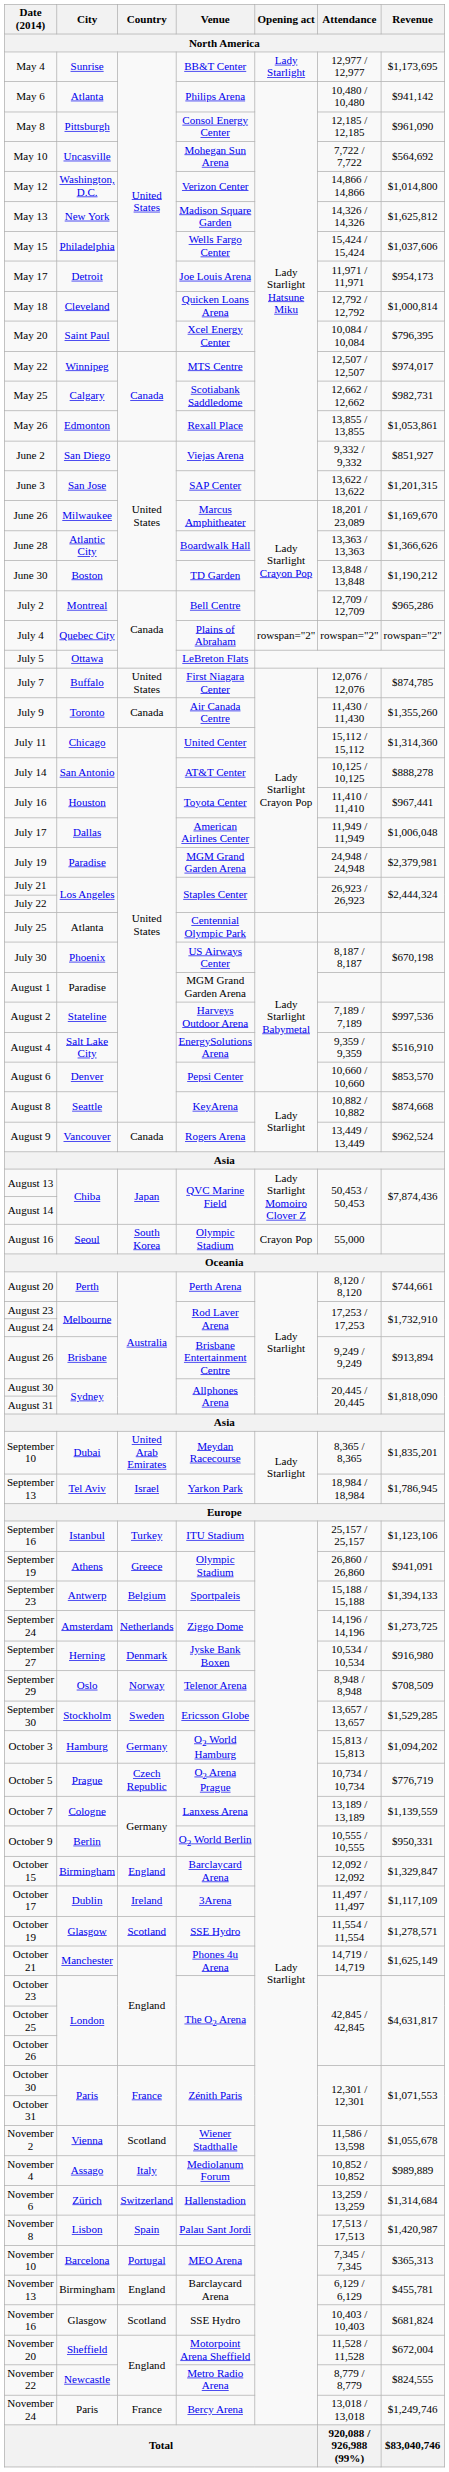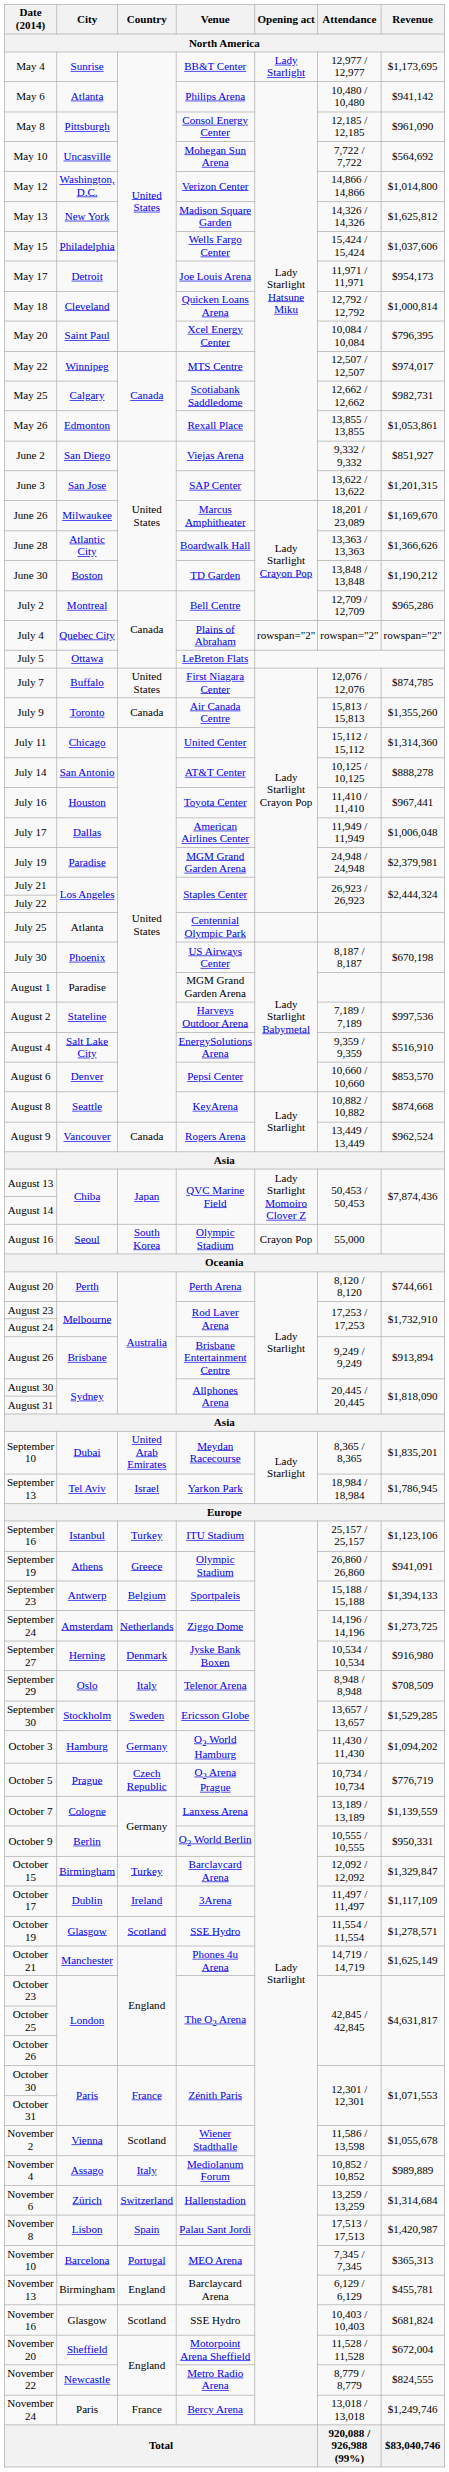 <table class="wikitable plainrowheaders" style="text-align:center;">
 <tr>
 <th scope="col" style="width:12em;">Date (2014)</th>
 <th scope="col" style="width:10em;">City</th>
 <th scope="col" style="width:10em;">Country</th>
 <th scope="col" style="width:16em;">Venue</th>
 <th scope="col" style="width:10em;">Opening act</th>
 <th scope="col" style="width:10em;">Attendance</th>
 <th scope="col" style="width:10em;">Revenue</th>
 </tr>
 <tr>
 <th colspan="7">North America</th>
 </tr>
 <tr>
 <td>May 4</td>
 <td><a href='#'>Sunrise</a></td>
 <td rowspan="10"><a href='#'>United States</a></td>
 <td><a href='#'>BB&T Center</a></td>
 <td><a href='#'>Lady Starlight</a></td>
 <td>12,977 / 12,977</td>
 <td>$1,173,695</td>
 </tr>
 <tr>
 <td>May 6</td>
 <td><a href='#'>Atlanta</a></td>
 <td><a href='#'>Philips Arena</a></td>
 <td rowspan="14">Lady Starlight<br><a href='#'>Hatsune Miku</a></td>
 <td>10,480 / 10,480</td>
 <td>$941,142</td>
 </tr>
 <tr>
 <td>May 8</td>
 <td><a href='#'>Pittsburgh</a></td>
 <td><a href='#'>Consol Energy Center</a></td>
 <td>12,185 / 12,185</td>
 <td>$961,090</td>
 </tr>
 <tr>
 <td>May 10</td>
 <td><a href='#'>Uncasville</a></td>
 <td><a href='#'>Mohegan Sun Arena</a></td>
 <td>7,722 / 7,722</td>
 <td>$564,692</td>
 </tr>
 <tr>
 <td>May 12</td>
 <td><a href='#'>Washington, D.C.</a></td>
 <td><a href='#'>Verizon Center</a></td>
 <td>14,866 / 14,866</td>
 <td>$1,014,800</td>
 </tr>
 <tr>
 <td>May 13</td>
 <td><a href='#'>New York</a></td>
 <td><a href='#'>Madison Square Garden</a></td>
 <td>14,326 / 14,326</td>
 <td>$1,625,812</td>
 </tr>
 <tr>
 <td>May 15</td>
 <td><a href='#'>Philadelphia</a></td>
 <td><a href='#'>Wells Fargo Center</a></td>
 <td>15,424 / 15,424</td>
 <td>$1,037,606</td>
 </tr>
 <tr>
 <td>May 17</td>
 <td><a href='#'>Detroit</a></td>
 <td><a href='#'>Joe Louis Arena</a></td>
 <td>11,971 / 11,971</td>
 <td>$954,173</td>
 </tr>
 <tr>
 <td>May 18</td>
 <td><a href='#'>Cleveland</a></td>
 <td><a href='#'>Quicken Loans Arena</a></td>
 <td>12,792 / 12,792</td>
 <td>$1,000,814</td>
 </tr>
 <tr>
 <td>May 20</td>
 <td><a href='#'>Saint Paul</a></td>
 <td><a href='#'>Xcel Energy Center</a></td>
 <td>10,084 / 10,084</td>
 <td>$796,395</td>
 </tr>
 <tr>
 <td>May 22</td>
 <td><a href='#'>Winnipeg</a></td>
 <td rowspan="3"><a href='#'>Canada</a></td>
 <td><a href='#'>MTS Centre</a></td>
 <td>12,507 / 12,507</td>
 <td>$974,017</td>
 </tr>
 <tr>
 <td>May 25</td>
 <td><a href='#'>Calgary</a></td>
 <td><a href='#'>Scotiabank Saddledome</a></td>
 <td>12,662 / 12,662</td>
 <td>$982,731</td>
 </tr>
 <tr>
 <td>May 26</td>
 <td><a href='#'>Edmonton</a></td>
 <td><a href='#'>Rexall Place</a></td>
 <td>13,855 / 13,855</td>
 <td>$1,053,861</td>
 </tr>
 <tr>
 <td>June 2</td>
 <td><a href='#'>San Diego</a></td>
 <td rowspan="5">United States</td>
 <td><a href='#'>Viejas Arena</a></td>
 <td>9,332 / 9,332</td>
 <td>$851,927</td>
 </tr>
 <tr>
 <td>June 3</td>
 <td><a href='#'>San Jose</a></td>
 <td><a href='#'>SAP Center</a></td>
 <td>13,622 / 13,622</td>
 <td>$1,201,315</td>
 </tr>
 <tr>
 <td>June 26</td>
 <td><a href='#'>Milwaukee</a></td>
 <td><a href='#'>Marcus Amphitheater</a></td>
 <td rowspan="4">Lady Starlight<br><a href='#'>Crayon Pop</a></td>
 <td>18,201 / 23,089</td>
 <td>$1,169,670</td>
 </tr>
 <tr>
 <td>June 28</td>
 <td><a href='#'>Atlantic City</a></td>
 <td><a href='#'>Boardwalk Hall</a></td>
 <td>13,363 / 13,363</td>
 <td>$1,366,626</td>
 </tr>
 <tr>
 <td>June 30</td>
 <td><a href='#'>Boston</a></td>
 <td><a href='#'>TD Garden</a></td>
 <td>13,848 / 13,848</td>
 <td>$1,190,212</td>
 </tr>
 <tr>
 <td>July 2</td>
 <td><a href='#'>Montreal</a></td>
 <td rowspan="3">Canada</td>
 <td><a href='#'>Bell Centre</a></td>
 <td>12,709 / 12,709</td>
 <td>$965,286</td>
 </tr>
 <tr>
 <td>July 4</td>
 <td><a href='#'>Quebec City</a></td>
 <td><a href='#'>Plains of Abraham</a></td>
 <td>rowspan="2" </td>
 <td>rowspan="2" </td>
 <td>rowspan="2" </td>
 </tr>
 <tr>
 <td>July 5</td>
 <td><a href='#'>Ottawa</a></td>
 <td><a href='#'>LeBreton Flats</a></td>
 </tr>
 <tr>
 <td>July 7</td>
 <td><a href='#'>Buffalo</a></td>
 <td>United States</td>
 <td><a href='#'>First Niagara Center</a></td>
 <td rowspan="9">Lady Starlight<br>Crayon Pop</td>
 <td>12,076 / 12,076</td>
 <td>$874,785</td>
 </tr>
 <tr>
 <td>July 9</td>
 <td><a href='#'>Toronto</a></td>
 <td>Canada</td>
 <td><a href='#'>Air Canada Centre</a></td>
-<td>11,430 / 11,430</td>
+<td>15,813 / 15,813</td>
 <td>$1,355,260</td>
 </tr>
 <tr>
 <td>July 11</td>
 <td><a href='#'>Chicago</a></td>
 <td rowspan="14">United States</td>
 <td><a href='#'>United Center</a></td>
 <td>15,112 / 15,112</td>
 <td>$1,314,360</td>
 </tr>
 <tr>
 <td>July 14</td>
 <td><a href='#'>San Antonio</a></td>
 <td><a href='#'>AT&T Center</a></td>
 <td>10,125 / 10,125</td>
 <td>$888,278</td>
 </tr>
 <tr>
 <td>July 16</td>
 <td><a href='#'>Houston</a></td>
 <td><a href='#'>Toyota Center</a></td>
 <td>11,410 / 11,410</td>
 <td>$967,441</td>
 </tr>
 <tr>
 <td>July 17</td>
 <td><a href='#'>Dallas</a></td>
 <td><a href='#'>American Airlines Center</a></td>
 <td>11,949 / 11,949</td>
 <td>$1,006,048</td>
 </tr>
 <tr>
 <td>July 19</td>
 <td><a href='#'>Paradise</a></td>
 <td><a href='#'>MGM Grand Garden Arena</a></td>
 <td>24,948 / 24,948</td>
 <td>$2,379,981</td>
 </tr>
 <tr>
 <td>July 21</td>
 <td rowspan="2"><a href='#'>Los Angeles</a></td>
 <td rowspan="2"><a href='#'>Staples Center</a></td>
 <td rowspan="2">26,923 / 26,923</td>
 <td rowspan="2">$2,444,324</td>
 </tr>
 <tr>
 <td>July 22</td>
 </tr>
 <tr>
 <td>July 25</td>
 <td>Atlanta</td>
 <td><a href='#'>Centennial Olympic Park</a></td>
 <td></td>
 <td></td>
 <td></td>
 </tr>
 <tr>
 <td>July 30</td>
 <td><a href='#'>Phoenix</a></td>
 <td><a href='#'>US Airways Center</a></td>
 <td rowspan="5">Lady Starlight<br><a href='#'>Babymetal</a></td>
 <td>8,187 / 8,187</td>
 <td>$670,198</td>
 </tr>
 <tr>
 <td>August 1</td>
 <td>Paradise</td>
 <td>MGM Grand Garden Arena</td>
 <td></td>
 <td></td>
 </tr>
 <tr>
 <td>August 2</td>
 <td><a href='#'>Stateline</a></td>
 <td><a href='#'>Harveys Outdoor Arena</a></td>
 <td>7,189 / 7,189</td>
 <td>$997,536</td>
 </tr>
 <tr>
 <td>August 4</td>
 <td><a href='#'>Salt Lake City</a></td>
 <td><a href='#'>EnergySolutions Arena</a></td>
 <td>9,359 / 9,359</td>
 <td>$516,910</td>
 </tr>
 <tr>
 <td>August 6</td>
 <td><a href='#'>Denver</a></td>
 <td><a href='#'>Pepsi Center</a></td>
 <td>10,660 / 10,660</td>
 <td>$853,570</td>
 </tr>
 <tr>
 <td>August 8</td>
 <td><a href='#'>Seattle</a></td>
 <td><a href='#'>KeyArena</a></td>
 <td rowspan="2">Lady Starlight</td>
 <td>10,882 / 10,882</td>
 <td>$874,668</td>
 </tr>
 <tr>
 <td>August 9</td>
 <td><a href='#'>Vancouver</a></td>
 <td>Canada</td>
 <td><a href='#'>Rogers Arena</a></td>
 <td>13,449 / 13,449</td>
 <td>$962,524</td>
 </tr>
 <tr>
 <th colspan="7">Asia</th>
 </tr>
 <tr>
 <td>August 13</td>
 <td rowspan="2"><a href='#'>Chiba</a></td>
 <td rowspan="2"><a href='#'>Japan</a></td>
 <td rowspan="2"><a href='#'>QVC Marine Field</a></td>
 <td rowspan="2">Lady Starlight<br><a href='#'>Momoiro Clover Z</a></td>
 <td rowspan="2">50,453 / 50,453</td>
 <td rowspan="2">$7,874,436</td>
 </tr>
 <tr>
 <td>August 14</td>
 </tr>
 <tr>
 <td>August 16</td>
 <td><a href='#'>Seoul</a></td>
 <td><a href='#'>South Korea</a></td>
 <td><a href='#'>Olympic Stadium</a></td>
 <td>Crayon Pop</td>
 <td>55,000</td>
 <td></td>
 </tr>
 <tr>
 <th colspan="7">Oceania</th>
 </tr>
 <tr>
 <td>August 20</td>
 <td><a href='#'>Perth</a></td>
 <td rowspan="6"><a href='#'>Australia</a></td>
 <td><a href='#'>Perth Arena</a></td>
 <td rowspan="6">Lady Starlight</td>
 <td>8,120 / 8,120</td>
 <td>$744,661</td>
 </tr>
 <tr>
 <td>August 23</td>
 <td rowspan="2"><a href='#'>Melbourne</a></td>
 <td rowspan="2"><a href='#'>Rod Laver Arena</a></td>
 <td rowspan="2">17,253 / 17,253</td>
 <td rowspan="2">$1,732,910</td>
 </tr>
 <tr>
 <td>August 24</td>
 </tr>
 <tr>
 <td>August 26</td>
 <td><a href='#'>Brisbane</a></td>
 <td><a href='#'>Brisbane Entertainment Centre</a></td>
 <td>9,249 / 9,249</td>
 <td>$913,894</td>
 </tr>
 <tr>
 <td>August 30</td>
 <td rowspan="2"><a href='#'>Sydney</a></td>
 <td rowspan="2"><a href='#'>Allphones Arena</a></td>
 <td rowspan="2">20,445 / 20,445</td>
 <td rowspan="2">$1,818,090</td>
 </tr>
 <tr>
 <td>August 31</td>
 </tr>
 <tr>
 <th colspan="7">Asia</th>
 </tr>
 <tr>
 <td>September 10</td>
 <td><a href='#'>Dubai</a></td>
 <td><a href='#'>United Arab Emirates</a></td>
 <td><a href='#'>Meydan Racecourse</a></td>
 <td rowspan="2">Lady Starlight</td>
 <td>8,365 / 8,365</td>
 <td>$1,835,201</td>
 </tr>
 <tr>
 <td>September 13</td>
 <td><a href='#'>Tel Aviv</a></td>
 <td><a href='#'>Israel</a></td>
 <td><a href='#'>Yarkon Park</a></td>
 <td>18,984 / 18,984</td>
 <td>$1,786,945</td>
 </tr>
 <tr>
 <th colspan="7">Europe</th>
 </tr>
 <tr>
 <td>September 16</td>
 <td><a href='#'>Istanbul</a></td>
 <td><a href='#'>Turkey</a></td>
 <td><a href='#'>ITU Stadium</a></td>
 <td rowspan="30">Lady Starlight</td>
 <td>25,157 / 25,157</td>
 <td>$1,123,106</td>
 </tr>
 <tr>
 <td>September 19</td>
 <td><a href='#'>Athens</a></td>
 <td><a href='#'>Greece</a></td>
 <td><a href='#'>Olympic Stadium</a></td>
 <td>26,860 / 26,860</td>
 <td>$941,091</td>
 </tr>
 <tr>
 <td>September 23</td>
 <td><a href='#'>Antwerp</a></td>
 <td><a href='#'>Belgium</a></td>
 <td><a href='#'>Sportpaleis</a></td>
 <td>15,188 / 15,188</td>
 <td>$1,394,133</td>
 </tr>
 <tr>
 <td>September 24</td>
 <td><a href='#'>Amsterdam</a></td>
 <td><a href='#'>Netherlands</a></td>
 <td><a href='#'>Ziggo Dome</a></td>
 <td>14,196 / 14,196</td>
 <td>$1,273,725</td>
 </tr>
 <tr>
 <td>September 27</td>
 <td><a href='#'>Herning</a></td>
 <td><a href='#'>Denmark</a></td>
 <td><a href='#'>Jyske Bank Boxen</a></td>
 <td>10,534 / 10,534</td>
 <td>$916,980</td>
 </tr>
 <tr>
 <td>September 29</td>
 <td><a href='#'>Oslo</a></td>
-<td><a href='#'>Norway</a></td>
+<td><a href='#'>Italy</a></td>
 <td><a href='#'>Telenor Arena</a></td>
 <td>8,948 / 8,948</td>
 <td>$708,509</td>
 </tr>
 <tr>
 <td>September 30</td>
 <td><a href='#'>Stockholm</a></td>
 <td><a href='#'>Sweden</a></td>
 <td><a href='#'>Ericsson Globe</a></td>
 <td>13,657 / 13,657</td>
 <td>$1,529,285</td>
 </tr>
 <tr>
 <td>October 3</td>
 <td><a href='#'>Hamburg</a></td>
 <td><a href='#'>Germany</a></td>
 <td><a href='#'>O<sub>2</sub> World Hamburg</a></td>
-<td>15,813 / 15,813</td>
+<td>11,430 / 11,430</td>
 <td>$1,094,202</td>
 </tr>
 <tr>
 <td>October 5</td>
 <td><a href='#'>Prague</a></td>
 <td><a href='#'>Czech Republic</a></td>
 <td><a href='#'>O<sub>2</sub> Arena Prague</a></td>
 <td>10,734 / 10,734</td>
 <td>$776,719</td>
 </tr>
 <tr>
 <td>October 7</td>
 <td><a href='#'>Cologne</a></td>
 <td rowspan="2">Germany</td>
 <td><a href='#'>Lanxess Arena</a></td>
 <td>13,189 / 13,189</td>
 <td>$1,139,559</td>
 </tr>
 <tr>
 <td>October 9</td>
 <td><a href='#'>Berlin</a></td>
 <td><a href='#'>O<sub>2</sub> World Berlin</a></td>
 <td>10,555 / 10,555</td>
 <td>$950,331</td>
 </tr>
 <tr>
 <td>October 15</td>
 <td><a href='#'>Birmingham</a></td>
-<td><a href='#'>England</a></td>
+<td><a href='#'>Turkey</a></td>
 <td><a href='#'>Barclaycard Arena</a></td>
 <td>12,092 / 12,092</td>
 <td>$1,329,847</td>
 </tr>
 <tr>
 <td>October 17</td>
 <td><a href='#'>Dublin</a></td>
 <td><a href='#'>Ireland</a></td>
 <td><a href='#'>3Arena</a></td>
 <td>11,497 / 11,497</td>
 <td>$1,117,109</td>
 </tr>
 <tr>
 <td>October 19</td>
 <td><a href='#'>Glasgow</a></td>
 <td><a href='#'>Scotland</a></td>
 <td><a href='#'>SSE Hydro</a></td>
 <td>11,554 / 11,554</td>
 <td>$1,278,571</td>
 </tr>
 <tr>
 <td>October 21</td>
 <td><a href='#'>Manchester</a></td>
 <td rowspan="4">England</td>
 <td><a href='#'>Phones 4u Arena</a></td>
 <td>14,719 / 14,719</td>
 <td>$1,625,149</td>
 </tr>
 <tr>
 <td>October 23</td>
 <td rowspan="3"><a href='#'>London</a></td>
 <td rowspan="3"><a href='#'>The O<sub>2</sub> Arena</a></td>
 <td rowspan="3">42,845 / 42,845</td>
 <td rowspan="3">$4,631,817</td>
 </tr>
 <tr>
 <td>October 25</td>
 </tr>
 <tr>
 <td>October 26</td>
 </tr>
 <tr>
 <td>October 30</td>
 <td rowspan="2"><a href='#'>Paris</a></td>
 <td rowspan="2"><a href='#'>France</a></td>
 <td rowspan="2"><a href='#'>Zénith Paris</a></td>
 <td rowspan="2">12,301 / 12,301</td>
 <td rowspan="2">$1,071,553</td>
 </tr>
 <tr>
 <td>October 31</td>
 </tr>
 <tr>
 <td>November 2</td>
 <td><a href='#'>Vienna</a></td>
 <td>Scotland</td>
 <td><a href='#'>Wiener Stadthalle</a></td>
 <td>11,586 / 13,598</td>
 <td>$1,055,678</td>
 </tr>
 <tr>
 <td>November 4</td>
 <td><a href='#'>Assago</a></td>
 <td><a href='#'>Italy</a></td>
 <td><a href='#'>Mediolanum Forum</a></td>
 <td>10,852 / 10,852</td>
 <td>$989,889</td>
 </tr>
 <tr>
 <td>November 6</td>
 <td><a href='#'>Zürich</a></td>
 <td><a href='#'>Switzerland</a></td>
 <td><a href='#'>Hallenstadion</a></td>
 <td>13,259 / 13,259</td>
 <td>$1,314,684</td>
 </tr>
 <tr>
 <td>November 8</td>
 <td><a href='#'>Lisbon</a></td>
 <td><a href='#'>Spain</a></td>
 <td><a href='#'>Palau Sant Jordi</a></td>
 <td>17,513 / 17,513</td>
 <td>$1,420,987</td>
 </tr>
 <tr>
 <td>November 10</td>
 <td><a href='#'>Barcelona</a></td>
 <td><a href='#'>Portugal</a></td>
 <td><a href='#'>MEO Arena</a></td>
 <td>7,345 / 7,345</td>
 <td>$365,313</td>
 </tr>
 <tr>
 <td>November 13</td>
 <td>Birmingham</td>
 <td>England</td>
 <td>Barclaycard Arena</td>
 <td>6,129 / 6,129</td>
 <td>$455,781</td>
 </tr>
 <tr>
 <td>November 16</td>
 <td>Glasgow</td>
 <td>Scotland</td>
 <td>SSE Hydro</td>
 <td>10,403 / 10,403</td>
 <td>$681,824</td>
 </tr>
 <tr>
 <td>November 20</td>
 <td><a href='#'>Sheffield</a></td>
 <td rowspan="2">England</td>
 <td><a href='#'>Motorpoint Arena Sheffield</a></td>
 <td>11,528 / 11,528</td>
 <td>$672,004</td>
 </tr>
 <tr>
 <td>November 22</td>
 <td><a href='#'>Newcastle</a></td>
 <td><a href='#'>Metro Radio Arena</a></td>
 <td>8,779 / 8,779</td>
 <td>$824,555</td>
 </tr>
 <tr>
 <td>November 24</td>
 <td>Paris</td>
 <td>France</td>
 <td><a href='#'>Bercy Arena</a></td>
 <td>13,018 / 13,018</td>
 <td>$1,249,746</td>
 </tr>
 <tr>
 <th colspan="5">Total</th>
 <th>920,088 / 926,988 (99%)</th>
 <th>$83,040,746</th>
 </tr>
 </table>
